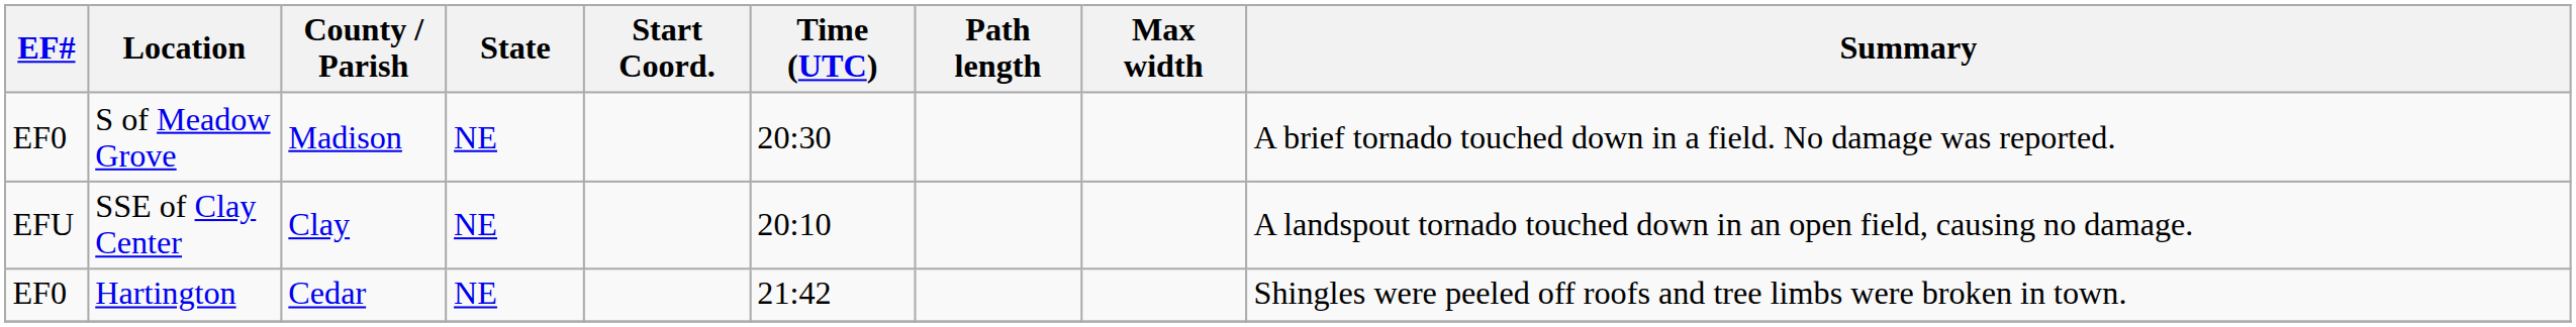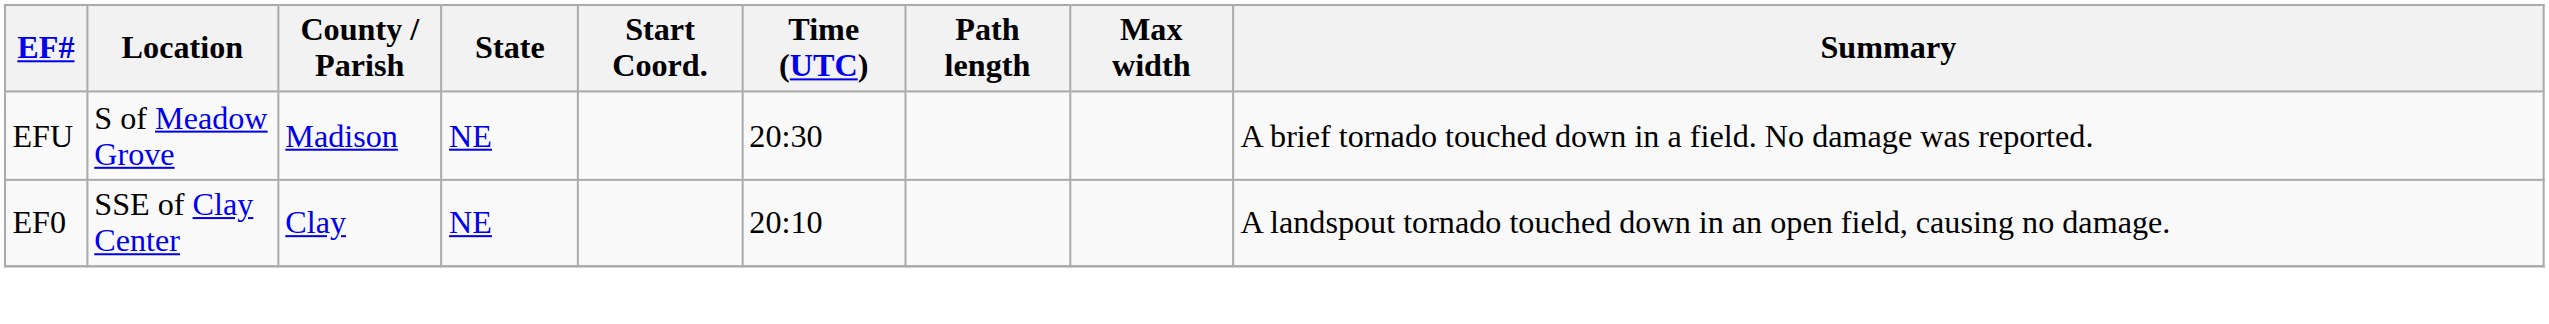 <table class="wikitable sortable" style="width:100%;">
 <tr>
 <th scope="col"  style="width:3%; text-align:center;"><a href='#'>EF#</a></th>
 <th scope="col"  style="width:7%; text-align:center;" class="unsortable">Location</th>
 <th scope="col"  style="width:6%; text-align:center;" class="unsortable">County / Parish</th>
 <th scope="col"  style="width:5%; text-align:center;">State</th>
 <th scope="col"  style="width:6%; text-align:center;">Start Coord.</th>
 <th scope="col"  style="width:6%; text-align:center;">Time (<a href='#'>UTC</a>)</th>
 <th scope="col"  style="width:6%; text-align:center;">Path length</th>
 <th scope="col"  style="width:6%; text-align:center;">Max width</th>
 <th scope="col" class="unsortable" style="width:48%; text-align:center;">Summary</th>
 </tr>
 <tr>
-<td>EF0</td>
+<td>EFU</td>
 <td>S of <a href='#'>Meadow Grove</a></td>
 <td><a href='#'>Madison</a></td>
 <td><a href='#'>NE</a></td>
 <td></td>
 <td>20:30</td>
 <td></td>
 <td></td>
 <td>A brief tornado touched down in a field. No damage was reported.</td>
 </tr>
 <tr>
-<td>EFU</td>
+<td>EF0</td>
 <td>SSE of <a href='#'>Clay Center</a></td>
 <td><a href='#'>Clay</a></td>
 <td><a href='#'>NE</a></td>
 <td></td>
 <td>20:10</td>
 <td></td>
 <td></td>
 <td>A landspout tornado touched down in an open field, causing no damage.</td>
 </tr>
 <tr>
-<td>EF0</td>
-<td><a href='#'>Hartington</a></td>
-<td><a href='#'>Cedar</a></td>
-<td><a href='#'>NE</a></td>
-<td></td>
-<td>21:42</td>
-<td></td>
-<td></td>
-<td>Shingles were peeled off roofs and tree limbs were broken in town.</td>
-</tr>
-<tr>
 </tr>
 </table>
